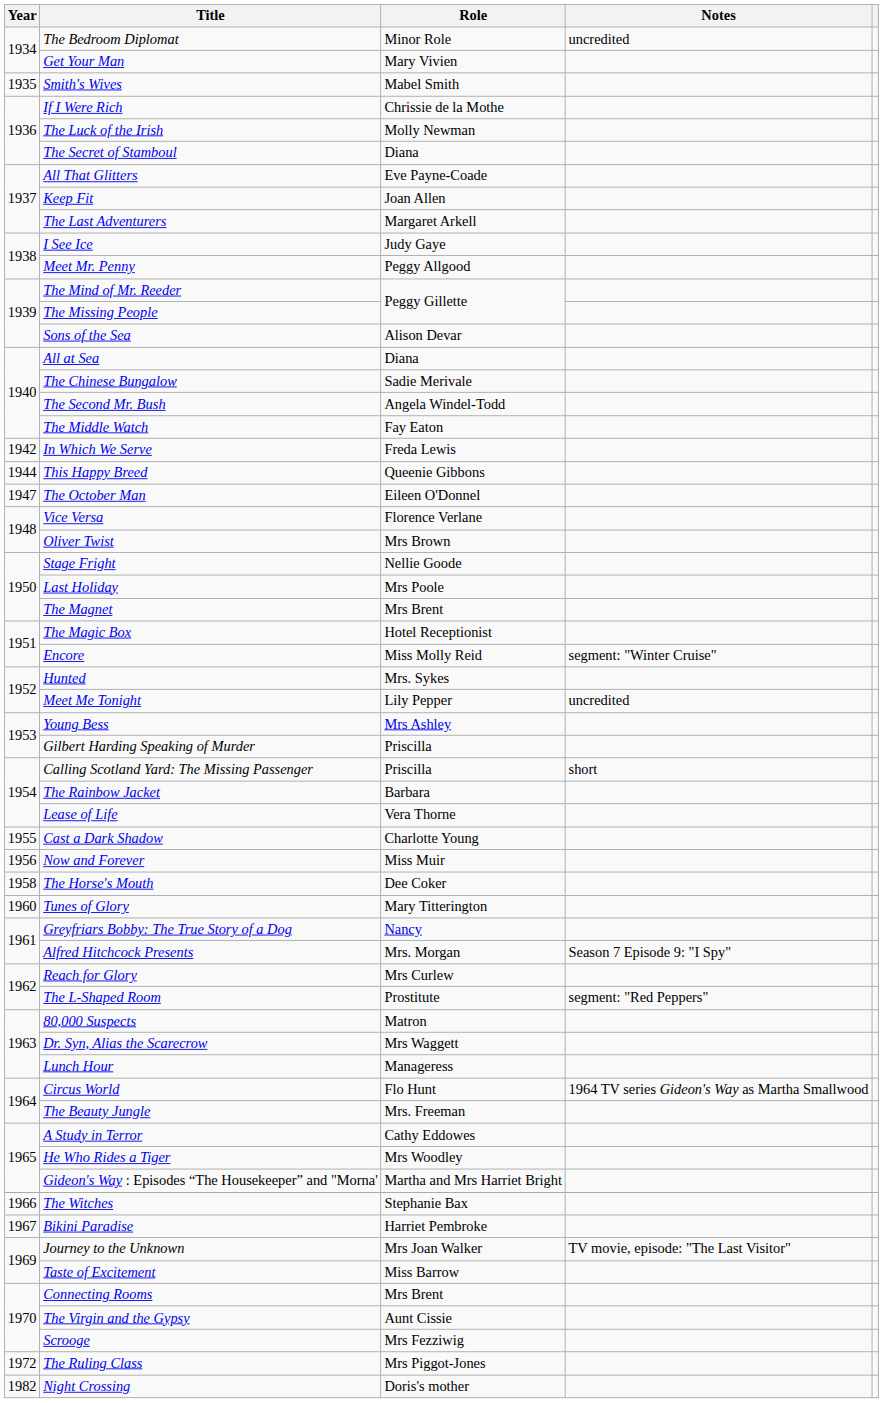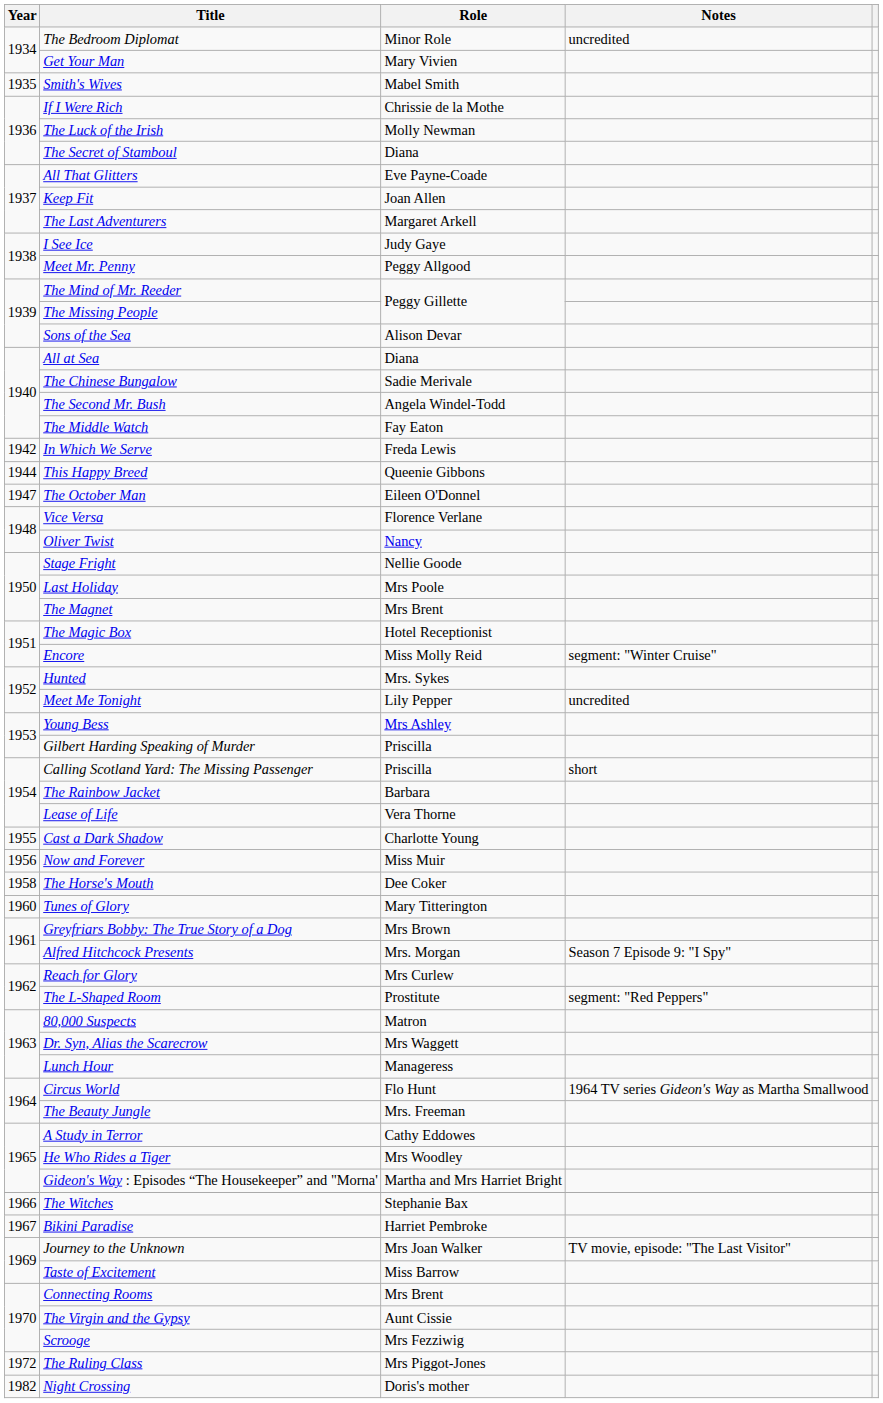 <table class="wikitable">
 <tr>
 <th>Year</th>
 <th>Title</th>
 <th>Role</th>
 <th>Notes</th>
 <th></th>
 </tr>
 <tr>
 <td rowspan="2">1934</td>
 <td><em>The Bedroom Diplomat</em></td>
 <td>Minor Role</td>
 <td>uncredited</td>
 <td></td>
 </tr>
 <tr>
 <td><em><a href='#'>Get Your Man</a></em></td>
 <td>Mary Vivien</td>
 <td></td>
 <td></td>
 </tr>
 <tr>
 <td>1935</td>
 <td><em><a href='#'>Smith's Wives</a></em></td>
 <td>Mabel Smith</td>
 <td></td>
 <td></td>
 </tr>
 <tr>
 <td rowspan="3">1936</td>
 <td><em><a href='#'>If I Were Rich</a></em></td>
 <td>Chrissie de la Mothe</td>
 <td></td>
 <td></td>
 </tr>
 <tr>
 <td><em><a href='#'>The Luck of the Irish</a></em></td>
 <td>Molly Newman</td>
 <td></td>
 <td></td>
 </tr>
 <tr>
 <td><em><a href='#'>The Secret of Stamboul</a></em></td>
 <td>Diana</td>
 <td></td>
 <td></td>
 </tr>
 <tr>
 <td rowspan="3">1937</td>
 <td><em><a href='#'>All That Glitters</a></em></td>
 <td>Eve Payne-Coade</td>
 <td></td>
 <td></td>
 </tr>
 <tr>
 <td><em><a href='#'>Keep Fit</a></em></td>
 <td>Joan Allen</td>
 <td></td>
 <td></td>
 </tr>
 <tr>
 <td><em><a href='#'>The Last Adventurers</a></em></td>
 <td>Margaret Arkell</td>
 <td></td>
 <td></td>
 </tr>
 <tr>
 <td rowspan="2">1938</td>
 <td><em><a href='#'>I See Ice</a></em></td>
 <td>Judy Gaye</td>
 <td></td>
 <td></td>
 </tr>
 <tr>
 <td><em><a href='#'>Meet Mr. Penny</a></em></td>
 <td>Peggy Allgood</td>
 <td></td>
 <td></td>
 </tr>
 <tr>
 <td rowspan="3">1939</td>
 <td><em><a href='#'>The Mind of Mr. Reeder</a></em></td>
 <td rowspan="2">Peggy Gillette</td>
 <td></td>
 <td></td>
 </tr>
 <tr>
 <td><em><a href='#'>The Missing People</a></em></td>
 <td></td>
 <td></td>
 </tr>
 <tr>
 <td><em><a href='#'>Sons of the Sea</a></em></td>
 <td>Alison Devar</td>
 <td></td>
 <td></td>
 </tr>
 <tr>
 <td rowspan="4">1940</td>
 <td><em><a href='#'>All at Sea</a></em></td>
 <td>Diana</td>
 <td></td>
 <td></td>
 </tr>
 <tr>
 <td><em><a href='#'>The Chinese Bungalow</a></em></td>
 <td>Sadie Merivale</td>
 <td></td>
 <td></td>
 </tr>
 <tr>
 <td><em><a href='#'>The Second Mr. Bush</a></em></td>
 <td>Angela Windel-Todd</td>
 <td></td>
 <td></td>
 </tr>
 <tr>
 <td><em><a href='#'>The Middle Watch</a></em></td>
 <td>Fay Eaton</td>
 <td></td>
 <td></td>
 </tr>
 <tr>
 <td>1942</td>
 <td><em><a href='#'>In Which We Serve</a></em></td>
 <td>Freda Lewis</td>
 <td></td>
 <td></td>
 </tr>
 <tr>
 <td>1944</td>
 <td><em><a href='#'>This Happy Breed</a></em></td>
 <td>Queenie Gibbons</td>
 <td></td>
 <td></td>
 </tr>
 <tr>
 <td>1947</td>
 <td><em><a href='#'>The October Man</a></em></td>
 <td>Eileen O'Donnel</td>
 <td></td>
 <td></td>
 </tr>
 <tr>
 <td rowspan="2">1948</td>
 <td><em><a href='#'>Vice Versa</a></em></td>
 <td>Florence Verlane</td>
 <td></td>
 <td></td>
 </tr>
 <tr>
 <td><em><a href='#'>Oliver Twist</a></em></td>
-<td>Mrs Brown</td>
+<td><a href='#'>Nancy</a></td>
 <td></td>
 <td></td>
 </tr>
 <tr>
 <td rowspan="3">1950</td>
 <td><em><a href='#'>Stage Fright</a></em></td>
 <td>Nellie Goode</td>
 <td></td>
 <td></td>
 </tr>
 <tr>
 <td><em><a href='#'>Last Holiday</a></em></td>
 <td>Mrs Poole</td>
 <td></td>
 <td></td>
 </tr>
 <tr>
 <td><em><a href='#'>The Magnet</a></em></td>
 <td>Mrs Brent</td>
 <td></td>
 <td></td>
 </tr>
 <tr>
 <td rowspan="2">1951</td>
 <td><em><a href='#'>The Magic Box</a></em></td>
 <td>Hotel Receptionist</td>
 <td></td>
 <td></td>
 </tr>
 <tr>
 <td><em><a href='#'>Encore</a></em></td>
 <td>Miss Molly Reid</td>
 <td>segment: "Winter Cruise"</td>
 <td></td>
 </tr>
 <tr>
 <td rowspan="2">1952</td>
 <td><em><a href='#'>Hunted</a></em></td>
 <td>Mrs. Sykes</td>
 <td></td>
 <td></td>
 </tr>
 <tr>
 <td><em><a href='#'>Meet Me Tonight</a></em></td>
 <td>Lily Pepper</td>
 <td>uncredited</td>
 <td></td>
 </tr>
 <tr>
 <td rowspan="2">1953</td>
 <td><em><a href='#'>Young Bess</a></em></td>
 <td><a href='#'>Mrs Ashley</a></td>
 <td></td>
 <td></td>
 </tr>
 <tr>
 <td><em>Gilbert Harding Speaking of Murder</em></td>
 <td>Priscilla</td>
 <td></td>
 <td></td>
 </tr>
 <tr>
 <td rowspan="3">1954</td>
 <td><em>Calling Scotland Yard: The Missing Passenger</em></td>
 <td>Priscilla</td>
 <td>short</td>
 <td></td>
 </tr>
 <tr>
 <td><em><a href='#'>The Rainbow Jacket</a></em></td>
 <td>Barbara</td>
 <td></td>
 <td></td>
 </tr>
 <tr>
 <td><em><a href='#'>Lease of Life</a></em></td>
 <td>Vera Thorne</td>
 <td></td>
 <td></td>
 </tr>
 <tr>
 <td>1955</td>
 <td><em><a href='#'>Cast a Dark Shadow</a></em></td>
 <td>Charlotte Young</td>
 <td></td>
 <td></td>
 </tr>
 <tr>
 <td>1956</td>
 <td><em><a href='#'>Now and Forever</a></em></td>
 <td>Miss Muir</td>
 <td></td>
 <td></td>
 </tr>
 <tr>
 <td>1958</td>
 <td><em><a href='#'>The Horse's Mouth</a></em></td>
 <td>Dee Coker</td>
 <td></td>
 <td></td>
 </tr>
 <tr>
 <td>1960</td>
 <td><em><a href='#'>Tunes of Glory</a></em></td>
 <td>Mary Titterington</td>
 <td></td>
 <td></td>
 </tr>
 <tr>
 <td rowspan="2">1961</td>
 <td><em><a href='#'>Greyfriars Bobby: The True Story of a Dog</a></em></td>
-<td><a href='#'>Nancy</a></td>
+<td>Mrs Brown</td>
 <td></td>
 <td></td>
 </tr>
 <tr>
 <td><em><a href='#'>Alfred Hitchcock Presents</a></em></td>
 <td>Mrs. Morgan</td>
 <td>Season 7 Episode 9: "I Spy"</td>
 </tr>
 <tr>
 <td rowspan="2">1962</td>
 <td><em><a href='#'>Reach for Glory</a></em></td>
 <td>Mrs Curlew</td>
 <td></td>
 <td></td>
 </tr>
 <tr>
 <td><em><a href='#'>The L-Shaped Room</a></em></td>
 <td>Prostitute</td>
 <td>segment: "Red Peppers"</td>
 <td></td>
 </tr>
 <tr>
 <td rowspan="3">1963</td>
 <td><em><a href='#'>80,000 Suspects</a></em></td>
 <td>Matron</td>
 <td></td>
 <td></td>
 </tr>
 <tr>
 <td><em><a href='#'>Dr. Syn, Alias the Scarecrow</a></em></td>
 <td>Mrs Waggett</td>
 <td></td>
 <td></td>
 </tr>
 <tr>
 <td><em><a href='#'>Lunch Hour</a></em></td>
 <td>Manageress</td>
 <td></td>
 <td></td>
 </tr>
 <tr>
 <td rowspan="2">1964</td>
 <td><em><a href='#'>Circus World</a></em></td>
 <td>Flo Hunt</td>
 <td>1964 TV series <em>Gideon's Way</em> as Martha Smallwood</td>
 <td></td>
 </tr>
 <tr>
 <td><em><a href='#'>The Beauty Jungle</a></em></td>
 <td>Mrs. Freeman</td>
 <td></td>
 <td></td>
 </tr>
 <tr>
 <td rowspan="3">1965</td>
 <td><em><a href='#'>A Study in Terror</a></em></td>
 <td>Cathy Eddowes</td>
 <td></td>
 <td></td>
 </tr>
 <tr>
 <td><em><a href='#'>He Who Rides a Tiger</a></em></td>
 <td>Mrs Woodley</td>
 <td></td>
 <td></td>
 </tr>
 <tr>
 <td><em><a href='#'>Gideon's Way</a></em> : Episodes “The Housekeeper” and "Morna'</td>
 <td>Martha and Mrs Harriet Bright</td>
 <td></td>
 <td></td>
 </tr>
 <tr>
 </tr>
 <tr>
 <td>1966</td>
 <td><em><a href='#'>The Witches</a></em></td>
 <td>Stephanie Bax</td>
 <td></td>
 <td></td>
 </tr>
 <tr>
 <td>1967</td>
 <td><em><a href='#'>Bikini Paradise</a></em></td>
 <td>Harriet Pembroke</td>
 <td></td>
 <td></td>
 </tr>
 <tr>
 <td rowspan="2">1969</td>
 <td><em>Journey to the Unknown</em></td>
 <td>Mrs Joan Walker</td>
 <td>TV movie, episode: "The Last Visitor"</td>
 <td></td>
 </tr>
 <tr>
 <td><em><a href='#'>Taste of Excitement</a></em></td>
 <td>Miss Barrow</td>
 <td></td>
 <td></td>
 </tr>
 <tr>
 <td rowspan="3">1970</td>
 <td><em><a href='#'>Connecting Rooms</a></em></td>
 <td>Mrs Brent</td>
 <td></td>
 <td></td>
 </tr>
 <tr>
 <td><em><a href='#'>The Virgin and the Gypsy</a></em></td>
 <td>Aunt Cissie</td>
 <td></td>
 <td></td>
 </tr>
 <tr>
 <td><em><a href='#'>Scrooge</a></em></td>
 <td>Mrs Fezziwig</td>
 <td></td>
 <td></td>
 </tr>
 <tr>
 <td>1972</td>
 <td><em><a href='#'>The Ruling Class</a></em></td>
 <td>Mrs Piggot-Jones</td>
 <td></td>
 <td></td>
 </tr>
 <tr>
 <td>1982</td>
 <td><em><a href='#'>Night Crossing</a></em></td>
 <td>Doris's mother</td>
 <td></td>
 <td></td>
 </tr>
 </table>
